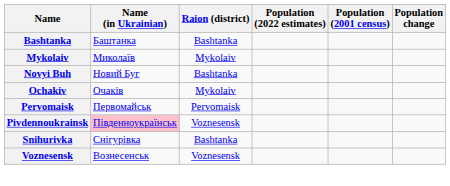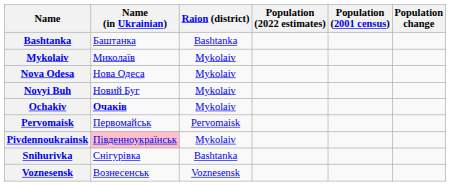 <table class="wikitable sortable" id="Table of cities" caption="Tabulated list of cities in ">
 <tr>
 <th scope="col">Name</th>
 <th scope="col">Name<br>(in <a href='#'>Ukrainian</a>)</th>
 <th scope="col"><a href='#'>Raion</a> (district)</th>
 <th scope="col">Population<br>(2022 estimates)</th>
 <th scope="col">Population<br>(<a href='#'>2001 census</a>)</th>
 <th scope="col">Population<br>change</th>
 </tr>
 <tr>
 <th scope="row" align="left"><a href='#'>Bashtanka</a></th>
 <td><a href='#'>Баштанка</a></td>
 <td align=center><a href='#'>Bashtanka</a></td>
 <td align=right></td>
 <td align=right></td>
 <td align=right></td>
 </tr>
 <tr>
 <th scope="row" align="left"><a href='#'>Mykolaiv</a></th>
 <td><a href='#'>Миколаїв</a></td>
 <td align=center><a href='#'>Mykolaiv</a></td>
 <td align=right></td>
 <td align=right></td>
 <td align=right></td>
 </tr>
 <tr>
+<th scope="row" align="left"><a href='#'>Nova Odesa</a></th>
+<td><a href='#'>Нова Одеса</a></td>
+<td align=center><a href='#'>Mykolaiv</a></td>
+<td align=right></td>
+<td align=right></td>
+<td align=right></td>
+</tr>
+<tr>
 <th scope="row" align="left"><a href='#'>Novyi Buh</a></th>
 <td><a href='#'>Новий Буг</a></td>
-<td align=center><a href='#'>Bashtanka</a></td>
+<td align=center><a href='#'>Mykolaiv</a></td>
 <td align=right></td>
 <td align=right></td>
 <td align=right></td>
 </tr>
 <tr>
 <th scope="row" align="left"><a href='#'>Ochakiv</a></th>
-<td><a href='#'>Очаків</a></td>
+<td><strong><a href='#'>Очаків</a></strong></td>
 <td align=center><a href='#'>Mykolaiv</a></td>
 <td align=right></td>
 <td align=right></td>
 <td align=right></td>
 </tr>
 <tr>
 <th scope="row" align="left"><a href='#'>Pervomaisk</a></th>
 <td><a href='#'>Первомайськ</a></td>
 <td align=center><a href='#'>Pervomaisk</a></td>
 <td align=right></td>
 <td align=right></td>
 <td align=right></td>
 </tr>
 <tr>
 <th scope="row" align="left"><a href='#'>Pivdennoukrainsk</a></th>
 <td style="background: pink;"><a href='#'>Південноукраїнськ</a></td>
-<td align="center"><a href='#'>Voznesensk</a></td>
+<td align=center><a href='#'>Mykolaiv</a></td>
 <td align="right"></td>
 <td align="right"></td>
 <td align="right"></td>
 </tr>
 <tr>
 <th scope="row" align="left"><a href='#'>Snihurivka</a></th>
 <td><a href='#'>Снігурівка</a></td>
 <td align=center><a href='#'>Bashtanka</a></td>
 <td align=right></td>
 <td align=right></td>
 <td align=right></td>
 </tr>
 <tr>
 <th scope="row" align="left"><a href='#'>Voznesensk</a></th>
 <td><a href='#'>Вознесенськ</a></td>
 <td align=center><a href='#'>Voznesensk</a></td>
 <td align=right></td>
 <td align=right></td>
 <td align=right></td>
 </tr>
 </table>
